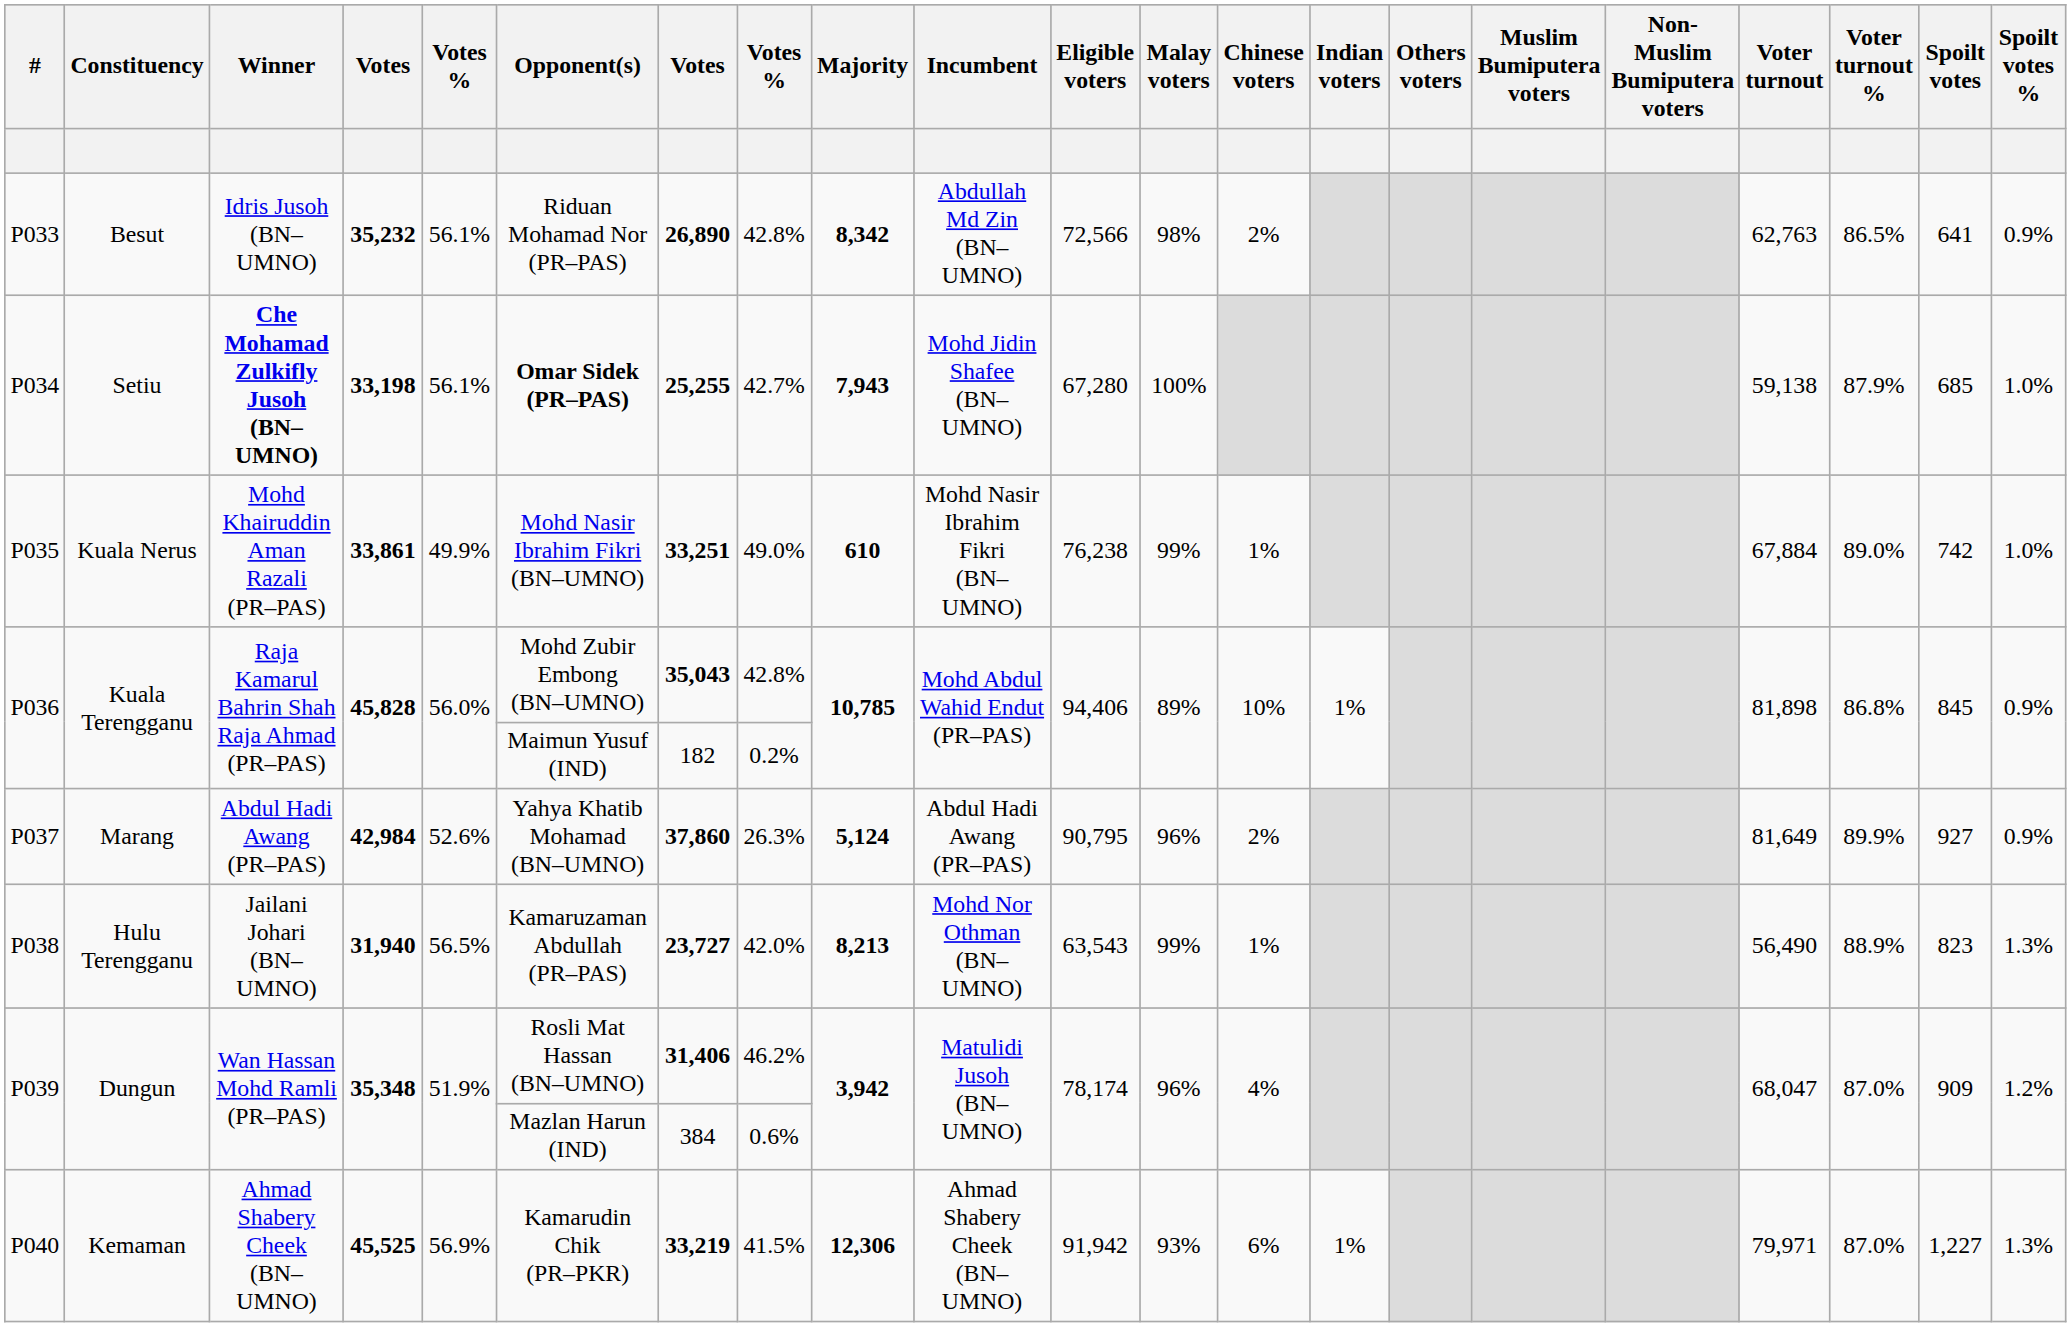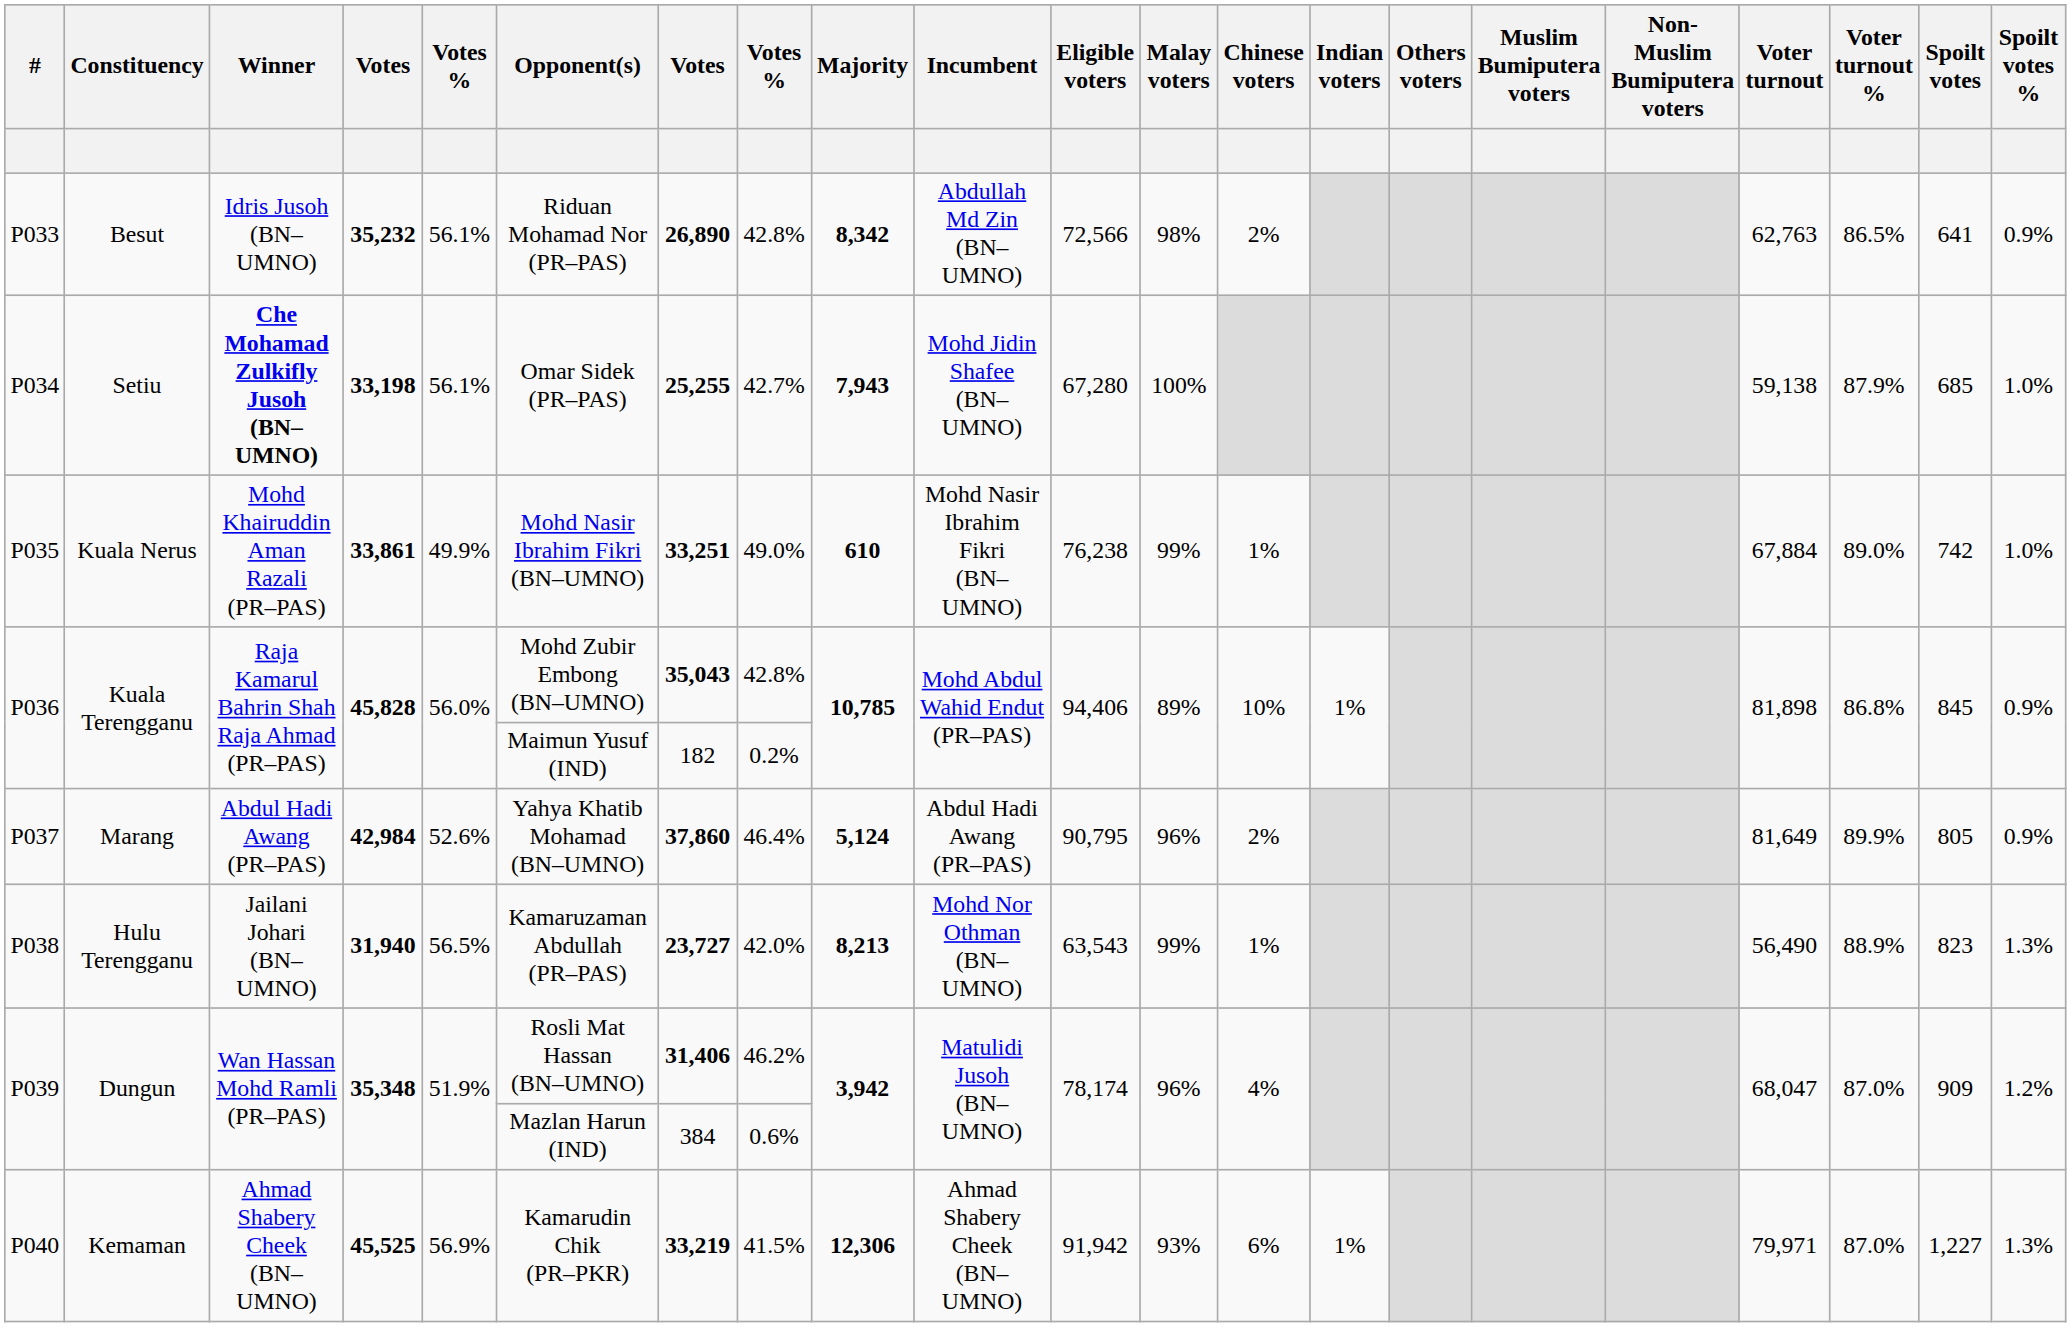 <table class="wikitable sortable" style="text-align:center; font-size:90%">
 <tr>
 <th width="30">#</th>
 <th width="60">Constituency</th>
 <th width="150">Winner</th>
 <th width="50">Votes</th>
 <th width="50">Votes %</th>
 <th width="150">Opponent(s)</th>
 <th width="50">Votes</th>
 <th width="50">Votes %</th>
 <th width="50">Majority</th>
 <th width="150">Incumbent</th>
 <th width="50">Eligible voters</th>
 <th width="50">Malay voters</th>
 <th width="50">Chinese voters</th>
 <th width="50">Indian voters</th>
 <th width="50">Others voters</th>
 <th width="50">Muslim Bumiputera voters</th>
 <th width="50">Non-Muslim Bumiputera voters</th>
 <th width="50">Voter turnout</th>
 <th width="50">Voter turnout %</th>
 <th width="50">Spoilt votes</th>
 <th width="50">Spoilt votes %</th>
 </tr>
 <tr>
 <th height="20"></th>
 <th></th>
 <th></th>
 <th></th>
 <th></th>
 <th></th>
 <th></th>
 <th></th>
 <th></th>
 <th></th>
 <th></th>
 <th></th>
 <th></th>
 <th></th>
 <th></th>
 <th></th>
 <th></th>
 <th></th>
 <th></th>
 <th></th>
 <th></th>
 </tr>
 <tr>
 <td>P033</td>
 <td>Besut</td>
 <td><a href='#'>Idris Jusoh</a><br>(BN–UMNO)</td>
 <td><strong>35,232</strong></td>
 <td>56.1%</td>
 <td>Riduan Mohamad Nor<br>(PR–PAS)</td>
 <td><strong>26,890</strong></td>
 <td>42.8%</td>
 <td><strong>8,342</strong></td>
 <td><a href='#'>Abdullah Md Zin</a><br>(BN–UMNO)</td>
 <td>72,566</td>
 <td>98%</td>
 <td>2%</td>
 <td bgcolor="dcdcdc"></td>
 <td bgcolor="dcdcdc"></td>
 <td bgcolor="dcdcdc"></td>
 <td bgcolor="dcdcdc"></td>
 <td>62,763</td>
 <td>86.5%</td>
 <td>641</td>
 <td>0.9%</td>
 </tr>
 <tr>
 <td>P034</td>
 <td>Setiu</td>
 <td><strong><a href='#'>Che Mohamad Zulkifly Jusoh</a><br>(BN–UMNO)</strong></td>
 <td><strong>33,198</strong></td>
 <td>56.1%</td>
-<td><strong>Omar Sidek<br>(PR–PAS)</strong></td>
+<td>Omar Sidek<br>(PR–PAS)</td>
 <td><strong>25,255</strong></td>
 <td>42.7%</td>
 <td><strong>7,943</strong></td>
 <td><a href='#'>Mohd Jidin Shafee</a><br>(BN–UMNO)</td>
 <td>67,280</td>
 <td>100%</td>
 <td bgcolor="dcdcdc"></td>
 <td bgcolor="dcdcdc"></td>
 <td bgcolor="dcdcdc"></td>
 <td bgcolor="dcdcdc"></td>
 <td bgcolor="dcdcdc"></td>
 <td>59,138</td>
 <td>87.9%</td>
 <td>685</td>
 <td>1.0%</td>
 </tr>
 <tr>
 <td>P035</td>
 <td>Kuala Nerus</td>
 <td><a href='#'>Mohd Khairuddin Aman Razali</a><br>(PR–PAS)</td>
 <td><strong>33,861</strong></td>
 <td>49.9%</td>
 <td><a href='#'>Mohd Nasir Ibrahim Fikri</a><br>(BN–UMNO)</td>
 <td><strong>33,251</strong></td>
 <td>49.0%</td>
 <td><strong>610</strong></td>
 <td>Mohd Nasir Ibrahim Fikri<br>(BN–UMNO)</td>
 <td>76,238</td>
 <td>99%</td>
 <td>1%</td>
 <td bgcolor="dcdcdc"></td>
 <td bgcolor="dcdcdc"></td>
 <td bgcolor="dcdcdc"></td>
 <td bgcolor="dcdcdc"></td>
 <td>67,884</td>
 <td>89.0%</td>
 <td>742</td>
 <td>1.0%</td>
 </tr>
 <tr>
 <td rowspan="2">P036</td>
 <td rowspan="2">Kuala Terengganu</td>
 <td rowspan="2"><a href='#'>Raja Kamarul Bahrin Shah Raja Ahmad</a><br>(PR–PAS)</td>
 <td rowspan="2"><strong>45,828</strong></td>
 <td rowspan="2">56.0%</td>
 <td>Mohd Zubir Embong<br>(BN–UMNO)</td>
 <td><strong>35,043</strong></td>
 <td>42.8%</td>
 <td rowspan="2"><strong>10,785</strong></td>
 <td rowspan="2"><a href='#'>Mohd Abdul Wahid Endut</a><br>(PR–PAS)</td>
 <td rowspan="2">94,406</td>
 <td rowspan="2">89%</td>
 <td rowspan="2">10%</td>
 <td rowspan="2">1%</td>
 <td rowspan="2" bgcolor="dcdcdc"></td>
 <td rowspan="2" bgcolor="dcdcdc"></td>
 <td rowspan="2" bgcolor="dcdcdc"></td>
 <td rowspan="2">81,898</td>
 <td rowspan="2">86.8%</td>
 <td rowspan="2">845</td>
 <td rowspan="2">0.9%</td>
 </tr>
 <tr>
 <td>Maimun Yusuf<br>(IND)</td>
 <td>182</td>
 <td>0.2%</td>
 </tr>
 <tr>
 <td>P037</td>
 <td>Marang</td>
 <td><a href='#'>Abdul Hadi Awang</a><br>(PR–PAS)</td>
 <td><strong>42,984</strong></td>
 <td>52.6%</td>
 <td>Yahya Khatib Mohamad<br>(BN–UMNO)</td>
 <td><strong>37,860</strong></td>
-<td>26.3%</td>
+<td>46.4%</td>
 <td><strong>5,124</strong></td>
 <td>Abdul Hadi Awang<br>(PR–PAS)</td>
 <td>90,795</td>
 <td>96%</td>
 <td>2%</td>
 <td bgcolor="dcdcdc"></td>
 <td bgcolor="dcdcdc"></td>
 <td bgcolor="dcdcdc"></td>
 <td bgcolor="dcdcdc"></td>
 <td>81,649</td>
 <td>89.9%</td>
-<td>927</td>
+<td>805</td>
 <td>0.9%</td>
 </tr>
 <tr>
 <td>P038</td>
 <td>Hulu Terengganu</td>
 <td>Jailani Johari<br>(BN–UMNO)</td>
 <td><strong>31,940</strong></td>
 <td>56.5%</td>
 <td>Kamaruzaman Abdullah<br>(PR–PAS)</td>
 <td><strong>23,727</strong></td>
 <td>42.0%</td>
 <td><strong>8,213</strong></td>
 <td><a href='#'>Mohd Nor Othman</a><br>(BN–UMNO)</td>
 <td>63,543</td>
 <td>99%</td>
 <td>1%</td>
 <td bgcolor="dcdcdc"></td>
 <td bgcolor="dcdcdc"></td>
 <td bgcolor="dcdcdc"></td>
 <td bgcolor="dcdcdc"></td>
 <td>56,490</td>
 <td>88.9%</td>
 <td>823</td>
 <td>1.3%</td>
 </tr>
 <tr>
 <td rowspan="2">P039</td>
 <td rowspan="2">Dungun</td>
 <td rowspan="2"><a href='#'>Wan Hassan Mohd Ramli</a><br>(PR–PAS)</td>
 <td rowspan="2"><strong>35,348</strong></td>
 <td rowspan="2">51.9%</td>
 <td>Rosli Mat Hassan<br>(BN–UMNO)</td>
 <td><strong>31,406</strong></td>
 <td>46.2%</td>
 <td rowspan="2"><strong>3,942</strong></td>
 <td rowspan="2"><a href='#'>Matulidi Jusoh</a><br>(BN–UMNO)</td>
 <td rowspan="2">78,174</td>
 <td rowspan="2">96%</td>
 <td rowspan="2">4%</td>
 <td rowspan="2" bgcolor="dcdcdc"></td>
 <td rowspan="2" bgcolor="dcdcdc"></td>
 <td rowspan="2" bgcolor="dcdcdc"></td>
 <td rowspan="2" bgcolor="dcdcdc"></td>
 <td rowspan="2">68,047</td>
 <td rowspan="2">87.0%</td>
 <td rowspan="2">909</td>
 <td rowspan="2">1.2%</td>
 </tr>
 <tr>
 <td>Mazlan Harun<br>(IND)</td>
 <td>384</td>
 <td>0.6%</td>
 </tr>
 <tr>
 <td>P040</td>
 <td>Kemaman</td>
 <td><a href='#'>Ahmad Shabery Cheek</a><br>(BN–UMNO)</td>
 <td><strong>45,525</strong></td>
 <td>56.9%</td>
 <td>Kamarudin Chik<br>(PR–PKR)</td>
 <td><strong>33,219</strong></td>
 <td>41.5%</td>
 <td><strong>12,306</strong></td>
 <td>Ahmad Shabery Cheek<br>(BN–UMNO)</td>
 <td>91,942</td>
 <td>93%</td>
 <td>6%</td>
 <td>1%</td>
 <td bgcolor="dcdcdc"></td>
 <td bgcolor="dcdcdc"></td>
 <td bgcolor="dcdcdc"></td>
 <td>79,971</td>
 <td>87.0%</td>
 <td>1,227</td>
 <td>1.3%</td>
 </tr>
 </table>
